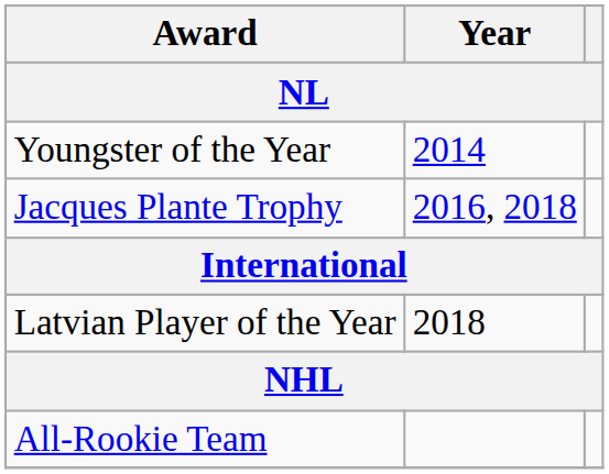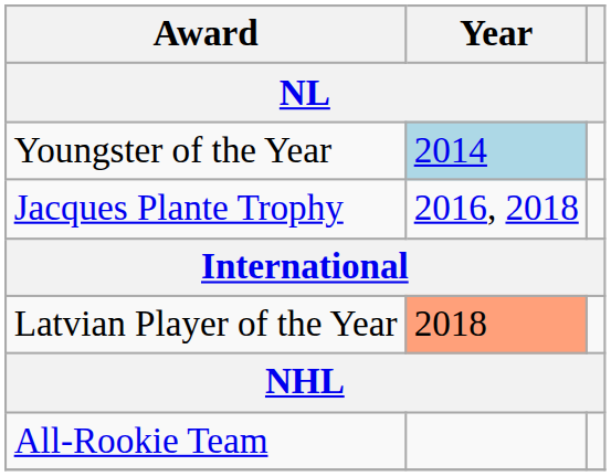 <table class="wikitable">
 <tr>
 <th>Award</th>
 <th>Year</th>
 <th></th>
 </tr>
 <tr>
 <th colspan="3"><a href='#'>NL</a></th>
 </tr>
 <tr>
 <td>Youngster of the Year</td>
-<td><a href='#'>2014</a></td>
+<td style="background: lightblue;"><a href='#'>2014</a></td>
 <td></td>
 </tr>
 <tr>
 <td><a href='#'>Jacques Plante Trophy</a></td>
 <td><a href='#'>2016</a>, <a href='#'>2018</a></td>
 <td></td>
 </tr>
 <tr>
 <th colspan="3"><a href='#'>International</a></th>
 </tr>
 <tr>
 <td>Latvian Player of the Year</td>
-<td>2018</td>
+<td style="background: lightsalmon;">2018</td>
 <td></td>
 </tr>
 <tr>
 <th colspan="3"><a href='#'>NHL</a></th>
 </tr>
 <tr>
 <td><a href='#'>All-Rookie Team</a></td>
 <td></td>
 <td></td>
 </tr>
 <tr>
 </tr>
 </table>
